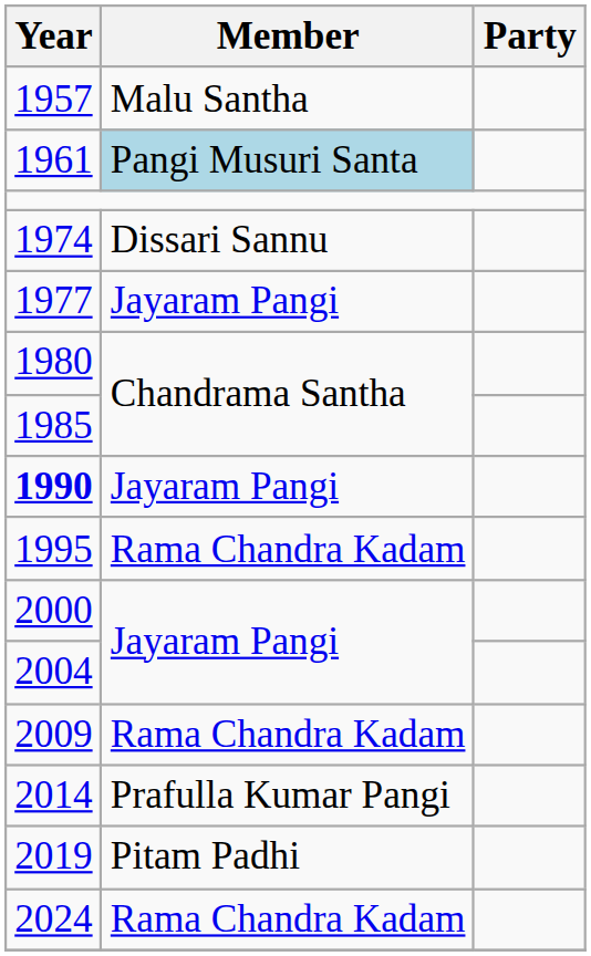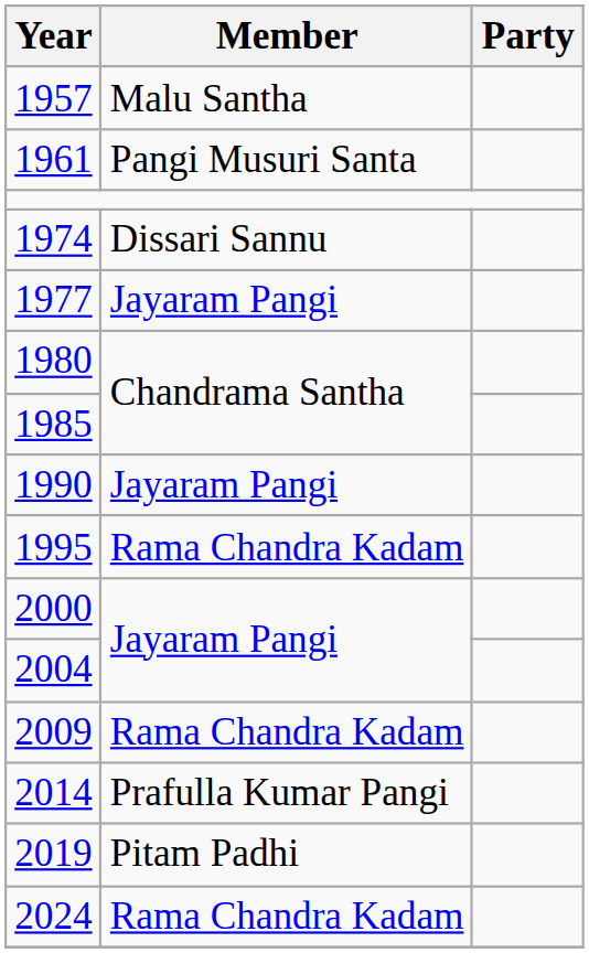 <table class="wikitable sortable">
 <tr>
 <th>Year</th>
 <th>Member</th>
 <th colspan=2>Party</th>
 </tr>
 <tr>
 <td><a href='#'>1957</a></td>
 <td>Malu Santha</td>
 <td></td>
 </tr>
 <tr>
 <td><a href='#'>1961</a></td>
-<td style="background: lightblue;">Pangi Musuri Santa</td>
+<td>Pangi Musuri Santa</td>
 </tr>
 <tr>
 <td colspan="4"></td>
 </tr>
 <tr>
 <td><a href='#'>1974</a></td>
 <td>Dissari Sannu</td>
 <td></td>
 </tr>
 <tr>
 <td><a href='#'>1977</a></td>
 <td><a href='#'>Jayaram Pangi</a></td>
 <td></td>
 </tr>
 <tr>
 <td><a href='#'>1980</a></td>
 <td rowspan=2>Chandrama Santha</td>
 <td></td>
 </tr>
 <tr>
 <td><a href='#'>1985</a></td>
 </tr>
 <tr>
-<td><strong><a href='#'>1990</a></strong></td>
+<td><a href='#'>1990</a></td>
 <td><a href='#'>Jayaram Pangi</a></td>
 <td></td>
 </tr>
 <tr>
 <td><a href='#'>1995</a></td>
 <td><a href='#'>Rama Chandra Kadam</a></td>
 <td></td>
 </tr>
 <tr>
 <td><a href='#'>2000</a></td>
 <td rowspan=2><a href='#'>Jayaram Pangi</a></td>
 <td></td>
 </tr>
 <tr>
 <td><a href='#'>2004</a></td>
 </tr>
 <tr>
 <td><a href='#'>2009</a></td>
 <td><a href='#'>Rama Chandra Kadam</a></td>
 <td></td>
 </tr>
 <tr>
 <td><a href='#'>2014</a></td>
 <td>Prafulla Kumar Pangi</td>
 <td></td>
 </tr>
 <tr>
 <td><a href='#'>2019</a></td>
 <td>Pitam Padhi</td>
 </tr>
 <tr>
 <td><a href='#'>2024</a></td>
 <td><a href='#'>Rama Chandra Kadam</a></td>
 <td></td>
 </tr>
 <tr>
 </tr>
 </table>
